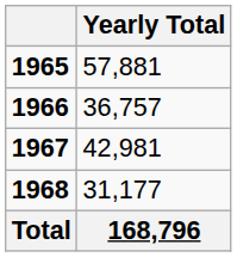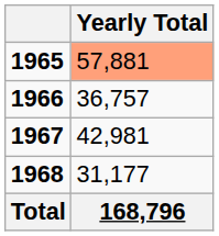 <table class="wikitable">
 <tr>
 <th></th>
 <th>Yearly Total</th>
 </tr>
 <tr>
 <td><strong>1965</strong></td>
-<td>57,881</td>
+<td style="background: lightsalmon;">57,881</td>
 </tr>
 <tr>
 <td><strong>1966</strong></td>
 <td>36,757</td>
 </tr>
 <tr>
 <td><strong>1967</strong></td>
 <td>42,981</td>
 </tr>
 <tr>
 <td><strong>1968</strong></td>
 <td>31,177</td>
 </tr>
 <tr>
 <th><strong>Total</strong></th>
 <th><strong><u>168,796</u></strong></th>
 </tr>
 </table>
